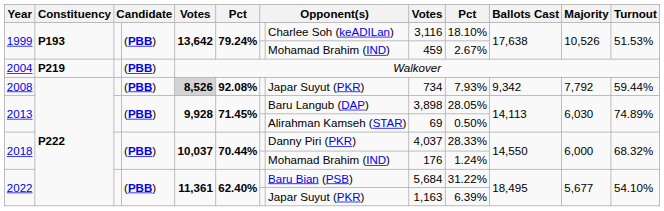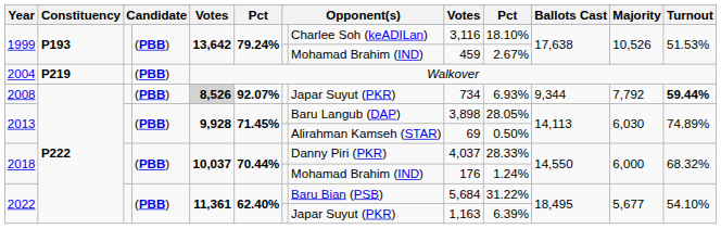 <table class="wikitable" style="margin:0.5em ; font-size:95%">
 <tr>
 <th>Year</th>
 <th>Constituency</th>
 <th colspan=2>Candidate</th>
 <th>Votes</th>
 <th>Pct</th>
 <th colspan=2>Opponent(s)</th>
 <th>Votes</th>
 <th>Pct</th>
 <th>Ballots Cast</th>
 <th>Majority</th>
 <th>Turnout</th>
 </tr>
 <tr>
 <td rowspan=2><a href='#'>1999</a></td>
 <td rowspan=2><strong>P193 </strong></td>
 <td rowspan=2 ></td>
 <td rowspan=2> (<a href='#'><strong>PBB</strong></a>)</td>
 <td rowspan=2 align="right"><strong>13,642</strong></td>
 <td rowspan=2><strong>79.24%</strong></td>
 <td></td>
 <td>Charlee Soh (<a href='#'>keADILan</a>)</td>
 <td align="right">3,116</td>
 <td>18.10%</td>
 <td rowspan=2>17,638</td>
 <td rowspan=2>10,526</td>
 <td rowspan=2>51.53%</td>
 </tr>
 <tr>
 <td></td>
 <td>Mohamad Brahim (<a href='#'>IND</a>)</td>
 <td align="right">459</td>
 <td align="right">2.67%</td>
 </tr>
 <tr>
 <td><a href='#'>2004</a></td>
 <td><strong>P219 </strong></td>
 <td></td>
 <td> (<a href='#'><strong>PBB</strong></a>)</td>
 <td colspan=9 align=center><em>Walkover</em></td>
 </tr>
 <tr>
 <td><a href='#'>2008</a></td>
 <td rowspan=7><strong>P222 </strong></td>
 <td></td>
 <td> (<a href='#'><strong>PBB</strong></a>)</td>
 <td align="right" style="background: lightgrey;"><strong>8,526</strong></td>
-<td><strong>92.08%</strong></td>
+<td><strong>92.07%</strong></td>
 <td></td>
 <td>Japar Suyut (<a href='#'>PKR</a>)</td>
 <td align="right">734</td>
-<td align="right">7.93%</td>
-<td>9,342</td>
+<td align="right">6.93%</td>
+<td>9,344</td>
 <td>7,792</td>
-<td>59.44%</td>
+<td><strong>59.44%</strong></td>
 </tr>
 <tr>
 <td rowspan=2><a href='#'>2013</a></td>
 <td rowspan=2 ></td>
 <td rowspan=2> (<a href='#'><strong>PBB</strong></a>)</td>
 <td rowspan=2 align="right"><strong>9,928</strong></td>
 <td rowspan=2><strong>71.45%</strong></td>
 <td></td>
 <td>Baru Langub (<a href='#'>DAP</a>)</td>
 <td align="right">3,898</td>
 <td>28.05%</td>
 <td rowspan=2>14,113</td>
 <td rowspan=2>6,030</td>
 <td rowspan=2>74.89%</td>
 </tr>
 <tr>
 <td></td>
 <td>Alirahman Kamseh (<a href='#'>STAR</a>)</td>
 <td align="right">69</td>
 <td align="right">0.50%</td>
 </tr>
 <tr>
 <td rowspan=2><a href='#'>2018</a></td>
 <td rowspan=2 ></td>
 <td rowspan=2> (<a href='#'><strong>PBB</strong></a>)</td>
 <td rowspan=2 align="right"><strong>10,037</strong></td>
 <td rowspan=2><strong>70.44%</strong></td>
 <td></td>
 <td>Danny Piri (<a href='#'>PKR</a>)</td>
 <td align="right">4,037</td>
 <td>28.33%</td>
 <td rowspan=2>14,550</td>
 <td rowspan=2>6,000</td>
 <td rowspan=2>68.32%</td>
 </tr>
 <tr>
 <td></td>
 <td>Mohamad Brahim (<a href='#'>IND</a>)</td>
 <td align="right">176</td>
 <td align="right">1.24%</td>
 </tr>
 <tr>
 <td rowspan="2"><a href='#'>2022</a></td>
 <td rowspan="2" ></td>
 <td rowspan="2"><strong></strong> (<a href='#'><strong>PBB</strong></a>)</td>
 <td rowspan="2" align=right><strong>11,361</strong></td>
 <td rowspan="2"><strong>62.40%</strong></td>
 <td></td>
 <td><a href='#'>Baru Bian</a> (<a href='#'>PSB</a>)</td>
 <td align=right>5,684</td>
 <td>31.22%</td>
 <td rowspan=2>18,495</td>
 <td rowspan=2>5,677</td>
 <td rowspan=2>54.10%</td>
 </tr>
 <tr>
 <td></td>
 <td>Japar Suyut (<a href='#'>PKR</a>)</td>
 <td align=right>1,163</td>
 <td align=right>6.39%</td>
 </tr>
 </table>
